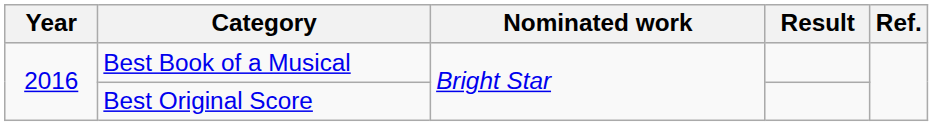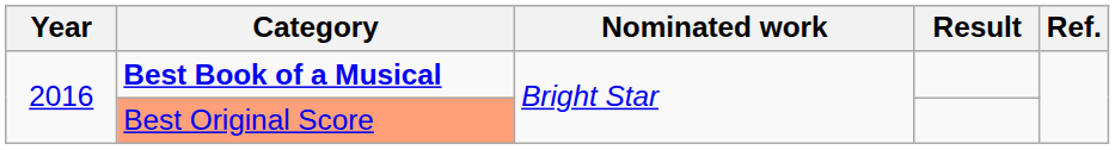 <table class=wikitable>
 <tr>
 <th scope="col" style="width:5em;">Year</th>
 <th scope="col" style="width:26em;">Category</th>
 <th scope="col" style="width:25em;">Nominated work</th>
 <th scope="col" style="width:5em;">Result</th>
 <th>Ref.</th>
 </tr>
 <tr>
 <td style="text-align:center;", rowspan="2"><a href='#'>2016</a></td>
-<td><a href='#'>Best Book of a Musical</a></td>
+<td><strong><a href='#'>Best Book of a Musical</a></strong></td>
 <td rowspan=2><em><a href='#'>Bright Star</a></em></td>
 <td></td>
 <td rowspan="2" style="text-align:center;"></td>
 </tr>
 <tr>
-<td><a href='#'>Best Original Score</a></td>
+<td style="background: lightsalmon;"><a href='#'>Best Original Score</a></td>
 <td></td>
 </tr>
 </table>
